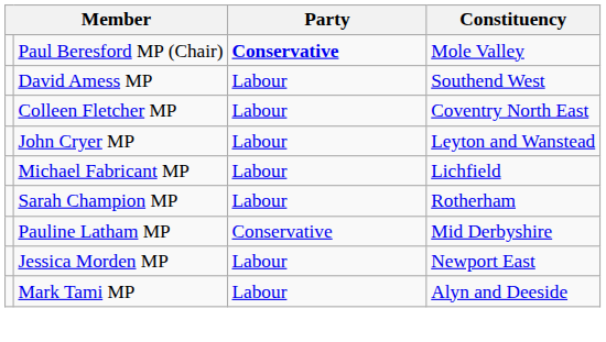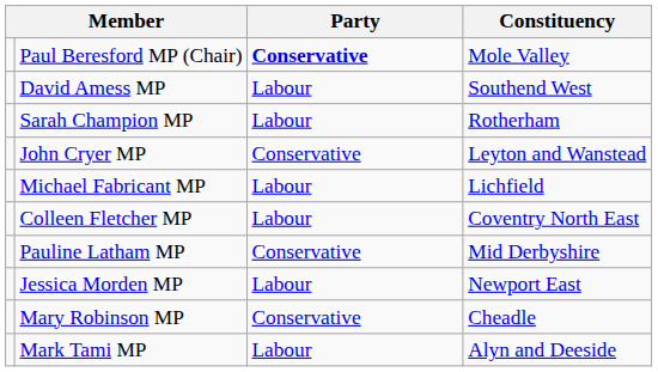 <table class="wikitable">
 <tr>
 <th width="160px" colspan="2" valign="top">Member</th>
 <th width="160px" valign="top">Party</th>
 <th valign="top">Constituency</th>
 </tr>
 <tr>
 <td style="color:inherit;background:"></td>
 <td><a href='#'>Paul Beresford</a> MP (Chair)</td>
 <td><strong><a href='#'>Conservative</a></strong></td>
 <td><a href='#'>Mole Valley</a></td>
 </tr>
 <tr>
 <td style="color:inherit;background:"></td>
 <td><a href='#'>David Amess</a> MP</td>
 <td><a href='#'>Labour</a></td>
 <td><a href='#'>Southend West</a></td>
 </tr>
 <tr>
 <td style="color:inherit;background:"></td>
-<td><a href='#'>Colleen Fletcher</a> MP</td>
+<td><a href='#'>Sarah Champion</a> MP</td>
 <td><a href='#'>Labour</a></td>
-<td><a href='#'>Coventry North East</a></td>
+<td><a href='#'>Rotherham</a></td>
 </tr>
 <tr>
 <td style="color:inherit;background:"></td>
 <td><a href='#'>John Cryer</a> MP</td>
-<td><a href='#'>Labour</a></td>
+<td><a href='#'>Conservative</a></td>
 <td><a href='#'>Leyton and Wanstead</a></td>
 </tr>
 <tr>
 <td style="color:inherit;background:"></td>
 <td><a href='#'>Michael Fabricant</a> MP</td>
 <td><a href='#'>Labour</a></td>
 <td><a href='#'>Lichfield</a></td>
 </tr>
 <tr>
 <td style="color:inherit;background:"></td>
-<td><a href='#'>Sarah Champion</a> MP</td>
+<td><a href='#'>Colleen Fletcher</a> MP</td>
 <td><a href='#'>Labour</a></td>
-<td><a href='#'>Rotherham</a></td>
+<td><a href='#'>Coventry North East</a></td>
 </tr>
 <tr>
 <td style="color:inherit;background:"></td>
 <td><a href='#'>Pauline Latham</a> MP</td>
 <td><a href='#'>Conservative</a></td>
 <td><a href='#'>Mid Derbyshire</a></td>
 </tr>
 <tr>
 <td style="color:inherit;background:"></td>
 <td><a href='#'>Jessica Morden</a> MP</td>
 <td><a href='#'>Labour</a></td>
 <td><a href='#'>Newport East</a></td>
 </tr>
 <tr>
 <td style="color:inherit;background:"></td>
+<td><a href='#'>Mary Robinson</a> MP</td>
+<td><a href='#'>Conservative</a></td>
+<td><a href='#'>Cheadle</a></td>
+</tr>
+<tr>
+<td style="color:inherit;background:"></td>
 <td><a href='#'>Mark Tami</a> MP</td>
 <td><a href='#'>Labour</a></td>
 <td><a href='#'>Alyn and Deeside</a></td>
 </tr>
 </table>
